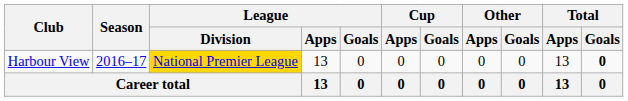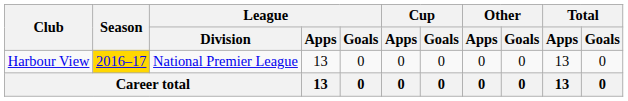 <table class="wikitable" style="text-align: center">
 <tr>
 <th rowspan="2">Club</th>
 <th rowspan="2">Season</th>
 <th colspan="3">League</th>
 <th colspan="2">Cup</th>
 <th colspan="2">Other</th>
 <th colspan="2">Total</th>
 </tr>
 <tr>
 <th>Division</th>
 <th>Apps</th>
 <th>Goals</th>
 <th>Apps</th>
 <th>Goals</th>
 <th>Apps</th>
 <th>Goals</th>
 <th>Apps</th>
 <th>Goals</th>
 </tr>
 <tr>
 <td><a href='#'>Harbour View</a></td>
-<td><a href='#'>2016–17</a></td>
-<td style="background: gold;"><a href='#'>National Premier League</a></td>
+<td style="background: gold;"><a href='#'>2016–17</a></td>
+<td><a href='#'>National Premier League</a></td>
 <td>13</td>
 <td>0</td>
 <td>0</td>
 <td>0</td>
 <td>0</td>
 <td>0</td>
 <td>13</td>
-<td><strong>0</strong></td>
+<td>0</td>
 </tr>
 <tr>
 <th colspan="3"><strong>Career total</strong></th>
 <th>13</th>
 <th>0</th>
 <th>0</th>
 <th>0</th>
 <th>0</th>
 <th>0</th>
 <th>13</th>
 <th>0</th>
 </tr>
 </table>
